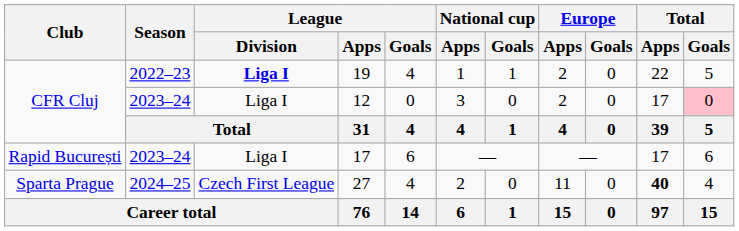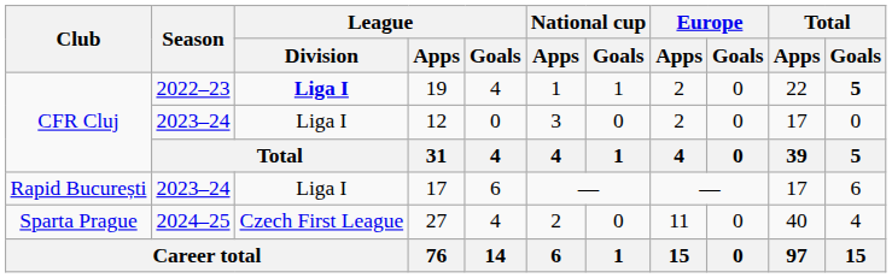 <table class="wikitable" style="text-align: center">
 <tr>
 <th rowspan="2">Club</th>
 <th rowspan="2">Season</th>
 <th colspan="3">League</th>
 <th colspan="2">National cup</th>
 <th colspan="2"><a href='#'>Europe</a></th>
 <th colspan="2">Total</th>
 </tr>
 <tr>
 <th>Division</th>
 <th>Apps</th>
 <th>Goals</th>
 <th>Apps</th>
 <th>Goals</th>
 <th>Apps</th>
 <th>Goals</th>
 <th>Apps</th>
 <th>Goals</th>
 </tr>
 <tr>
 <td rowspan="3"><a href='#'>CFR Cluj</a></td>
 <td><a href='#'>2022–23</a></td>
 <td><strong><a href='#'>Liga I</a></strong></td>
 <td>19</td>
 <td>4</td>
 <td>1</td>
 <td>1</td>
 <td>2</td>
 <td>0</td>
 <td>22</td>
-<td>5</td>
+<td><strong>5</strong></td>
 </tr>
 <tr>
 <td><a href='#'>2023–24</a></td>
 <td>Liga I</td>
 <td>12</td>
 <td>0</td>
 <td>3</td>
 <td>0</td>
 <td>2</td>
 <td>0</td>
 <td>17</td>
-<td style="background: pink;">0</td>
+<td>0</td>
 </tr>
 <tr>
 <th colspan="2">Total</th>
 <th>31</th>
 <th>4</th>
 <th>4</th>
 <th>1</th>
 <th>4</th>
 <th>0</th>
 <th>39</th>
 <th>5</th>
 </tr>
 <tr>
 <td><a href='#'>Rapid București</a></td>
 <td><a href='#'>2023–24</a></td>
 <td>Liga I</td>
 <td>17</td>
 <td>6</td>
 <td colspan="2">—</td>
 <td colspan="2">—</td>
 <td>17</td>
 <td>6</td>
 </tr>
 <tr>
 <td><a href='#'>Sparta Prague</a></td>
 <td><a href='#'>2024–25</a></td>
 <td><a href='#'>Czech First League</a></td>
 <td>27</td>
 <td>4</td>
 <td>2</td>
 <td>0</td>
 <td>11</td>
 <td>0</td>
-<td><strong>40</strong></td>
+<td>40</td>
 <td>4</td>
 </tr>
 <tr>
 <th colspan="3">Career total</th>
 <th>76</th>
 <th>14</th>
 <th>6</th>
 <th>1</th>
 <th>15</th>
 <th>0</th>
 <th>97</th>
 <th>15</th>
 </tr>
 </table>
